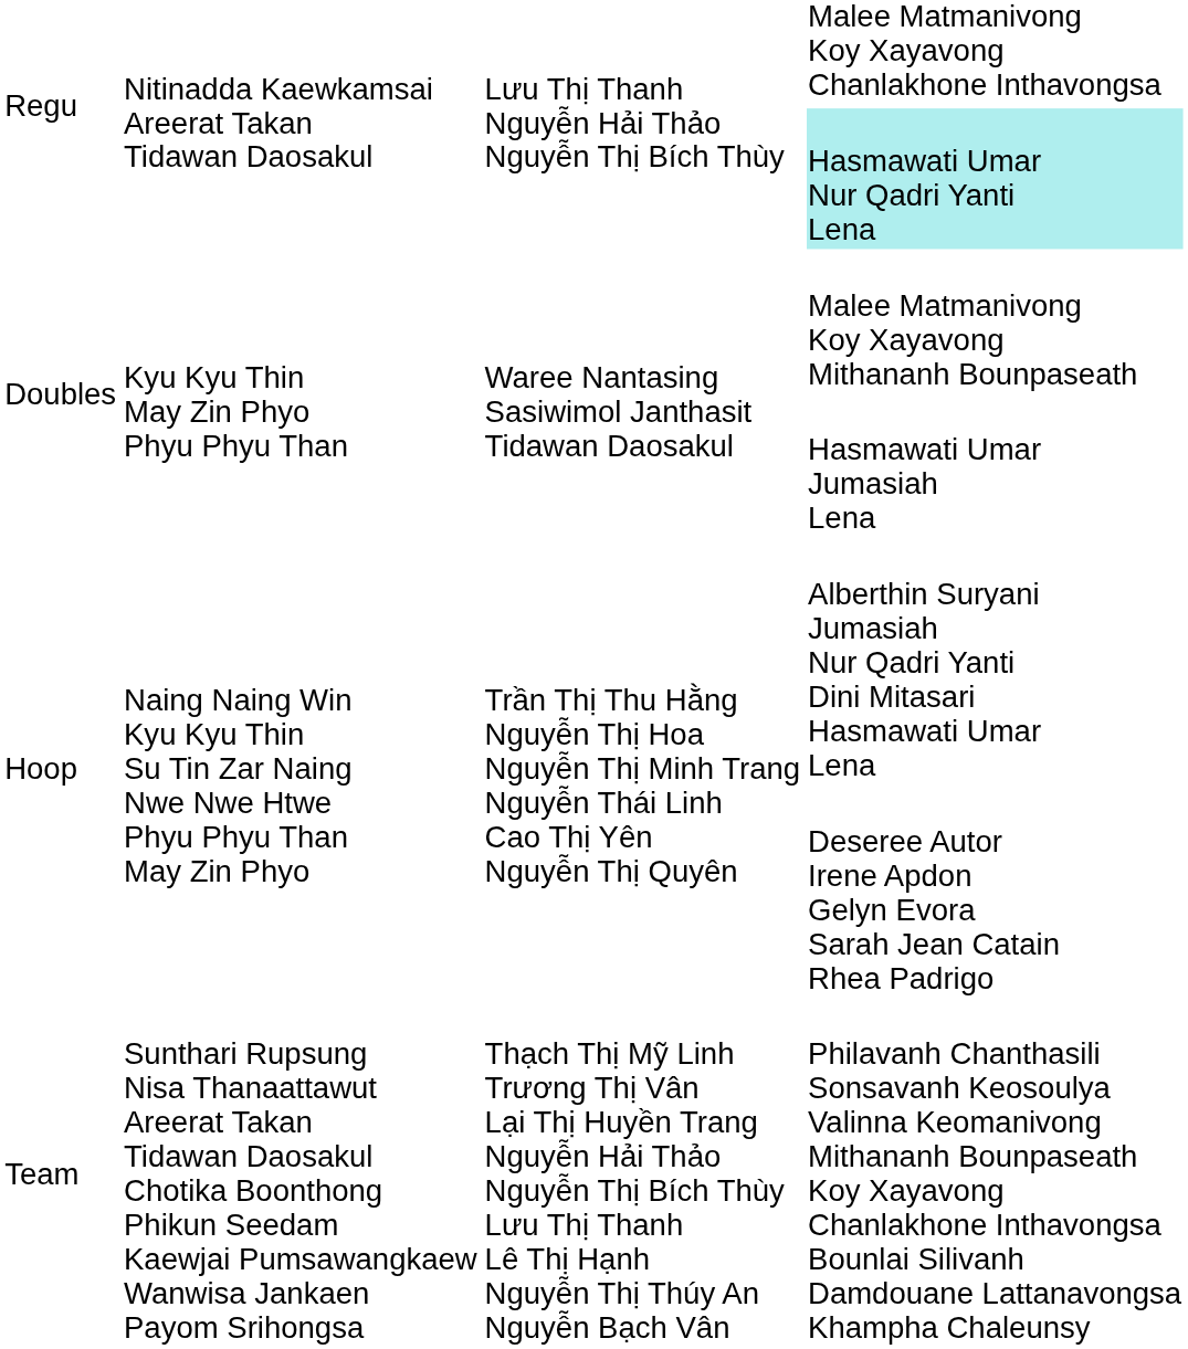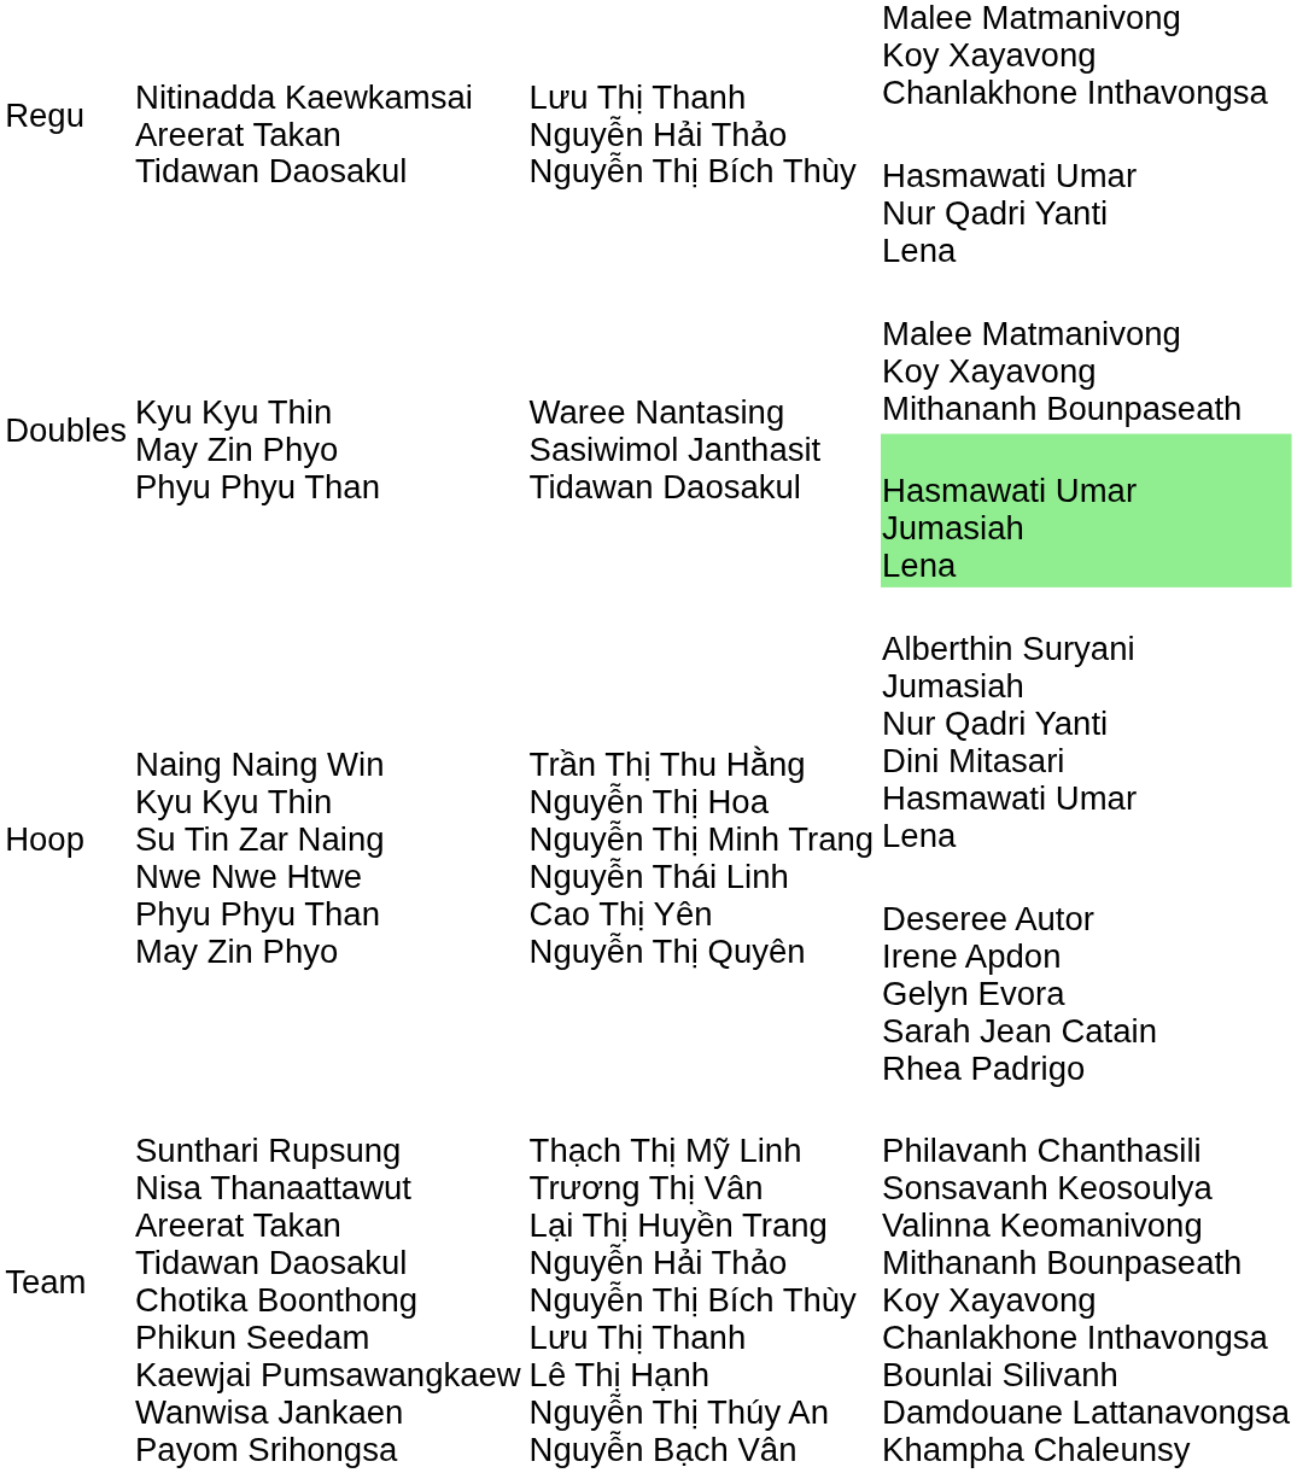 <table>
 <tr>
 <td rowspan=2>Regu</td>
 <td rowspan=2><br>Nitinadda Kaewkamsai<br>Areerat Takan<br>Tidawan Daosakul</td>
 <td rowspan=2><br>Lưu Thị Thanh<br>Nguyễn Hải Thảo<br>Nguyễn Thị Bích Thùy</td>
 <td><br>Malee Matmanivong<br>Koy Xayavong<br>Chanlakhone Inthavongsa</td>
 </tr>
 <tr>
-<td style="background: paleturquoise;"><br>Hasmawati Umar<br>Nur Qadri Yanti<br>Lena</td>
+<td><br>Hasmawati Umar<br>Nur Qadri Yanti<br>Lena</td>
 </tr>
 <tr>
 <td rowspan=2>Doubles</td>
 <td rowspan=2><br>Kyu Kyu Thin<br>May Zin Phyo<br>Phyu Phyu Than</td>
 <td rowspan=2><br>Waree Nantasing<br>Sasiwimol Janthasit<br>Tidawan Daosakul</td>
 <td><br>Malee Matmanivong<br>Koy Xayavong<br>Mithananh Bounpaseath</td>
 </tr>
 <tr>
-<td><br>Hasmawati Umar<br>Jumasiah<br>Lena</td>
+<td style="background: lightgreen;"><br>Hasmawati Umar<br>Jumasiah<br>Lena</td>
 </tr>
 <tr>
 <td rowspan=2>Hoop</td>
 <td rowspan=2><br>Naing Naing Win<br>Kyu Kyu Thin<br>Su Tin Zar Naing<br>Nwe Nwe Htwe<br>Phyu Phyu Than<br>May Zin Phyo</td>
 <td rowspan=2 nowrap=true><br>Trần Thị Thu Hằng<br>Nguyễn Thị Hoa<br>Nguyễn Thị Minh Trang<br>Nguyễn Thái Linh<br>Cao Thị Yên<br>Nguyễn Thị Quyên</td>
 <td><br>Alberthin Suryani<br>Jumasiah<br>Nur Qadri Yanti<br>Dini Mitasari<br>Hasmawati Umar<br>Lena</td>
 </tr>
 <tr>
 <td><br>Deseree Autor<br>Irene Apdon<br>Gelyn Evora<br>Sarah Jean Catain<br>Rhea Padrigo</td>
 </tr>
 <tr>
 <td>Team</td>
 <td nowrap=true><br>Sunthari Rupsung<br>Nisa Thanaattawut<br>Areerat Takan<br>Tidawan Daosakul<br>Chotika Boonthong<br>Phikun Seedam<br>Kaewjai Pumsawangkaew<br>Wanwisa Jankaen<br>Payom Srihongsa</td>
 <td><br>Thạch Thị Mỹ Linh<br>Trương Thị Vân<br>Lại Thị Huyền Trang<br>Nguyễn Hải Thảo<br>Nguyễn Thị Bích Thùy<br>Lưu Thị Thanh<br>Lê Thị Hạnh<br>Nguyễn Thị Thúy An<br>Nguyễn Bạch Vân</td>
 <td nowrap=true><br>Philavanh Chanthasili<br>Sonsavanh Keosoulya<br>Valinna Keomanivong<br>Mithananh Bounpaseath<br>Koy Xayavong<br>Chanlakhone Inthavongsa<br>Bounlai Silivanh<br>Damdouane Lattanavongsa<br>Khampha Chaleunsy</td>
 </tr>
 </table>
